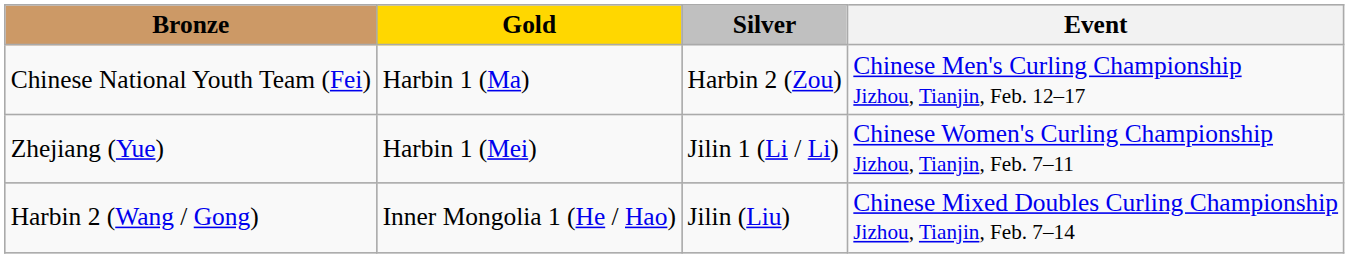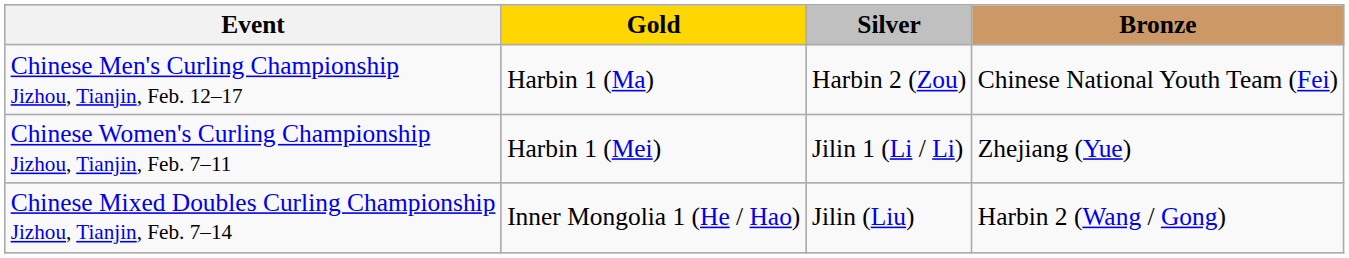 <table class="wikitable">
 <tr>
-<th style="background:#cc9966">Bronze</th>
+<th>Event</th>
 <th style="background:gold">Gold</th>
 <th style="background:silver">Silver</th>
-<th>Event</th>
+<th style="background:#cc9966">Bronze</th>
 </tr>
 <tr>
-<td>Chinese National Youth Team (<a href='#'>Fei</a>)</td>
+<td><a href='#'>Chinese Men's Curling Championship</a> <br> <small><a href='#'>Jizhou</a>, <a href='#'>Tianjin</a>, Feb. 12–17</small></td>
 <td>Harbin 1 (<a href='#'>Ma</a>)</td>
 <td>Harbin 2 (<a href='#'>Zou</a>)</td>
-<td><a href='#'>Chinese Men's Curling Championship</a> <br> <small><a href='#'>Jizhou</a>, <a href='#'>Tianjin</a>, Feb. 12–17</small></td>
+<td>Chinese National Youth Team (<a href='#'>Fei</a>)</td>
 </tr>
 <tr>
-<td>Zhejiang (<a href='#'>Yue</a>)</td>
+<td><a href='#'>Chinese Women's Curling Championship</a> <br> <small><a href='#'>Jizhou</a>, <a href='#'>Tianjin</a>, Feb. 7–11</small></td>
 <td>Harbin 1 (<a href='#'>Mei</a>)</td>
 <td>Jilin 1 (<a href='#'>Li</a> / <a href='#'>Li</a>)</td>
-<td><a href='#'>Chinese Women's Curling Championship</a> <br> <small><a href='#'>Jizhou</a>, <a href='#'>Tianjin</a>, Feb. 7–11</small></td>
+<td>Zhejiang (<a href='#'>Yue</a>)</td>
 </tr>
 <tr>
-<td>Harbin 2 (<a href='#'>Wang</a> / <a href='#'>Gong</a>)</td>
+<td><a href='#'>Chinese Mixed Doubles Curling Championship</a> <br> <small><a href='#'>Jizhou</a>, <a href='#'>Tianjin</a>, Feb. 7–14</small></td>
 <td>Inner Mongolia 1 (<a href='#'>He</a> / <a href='#'>Hao</a>)</td>
 <td>Jilin (<a href='#'>Liu</a>)</td>
-<td><a href='#'>Chinese Mixed Doubles Curling Championship</a> <br> <small><a href='#'>Jizhou</a>, <a href='#'>Tianjin</a>, Feb. 7–14</small></td>
+<td>Harbin 2 (<a href='#'>Wang</a> / <a href='#'>Gong</a>)</td>
 </tr>
 </table>
